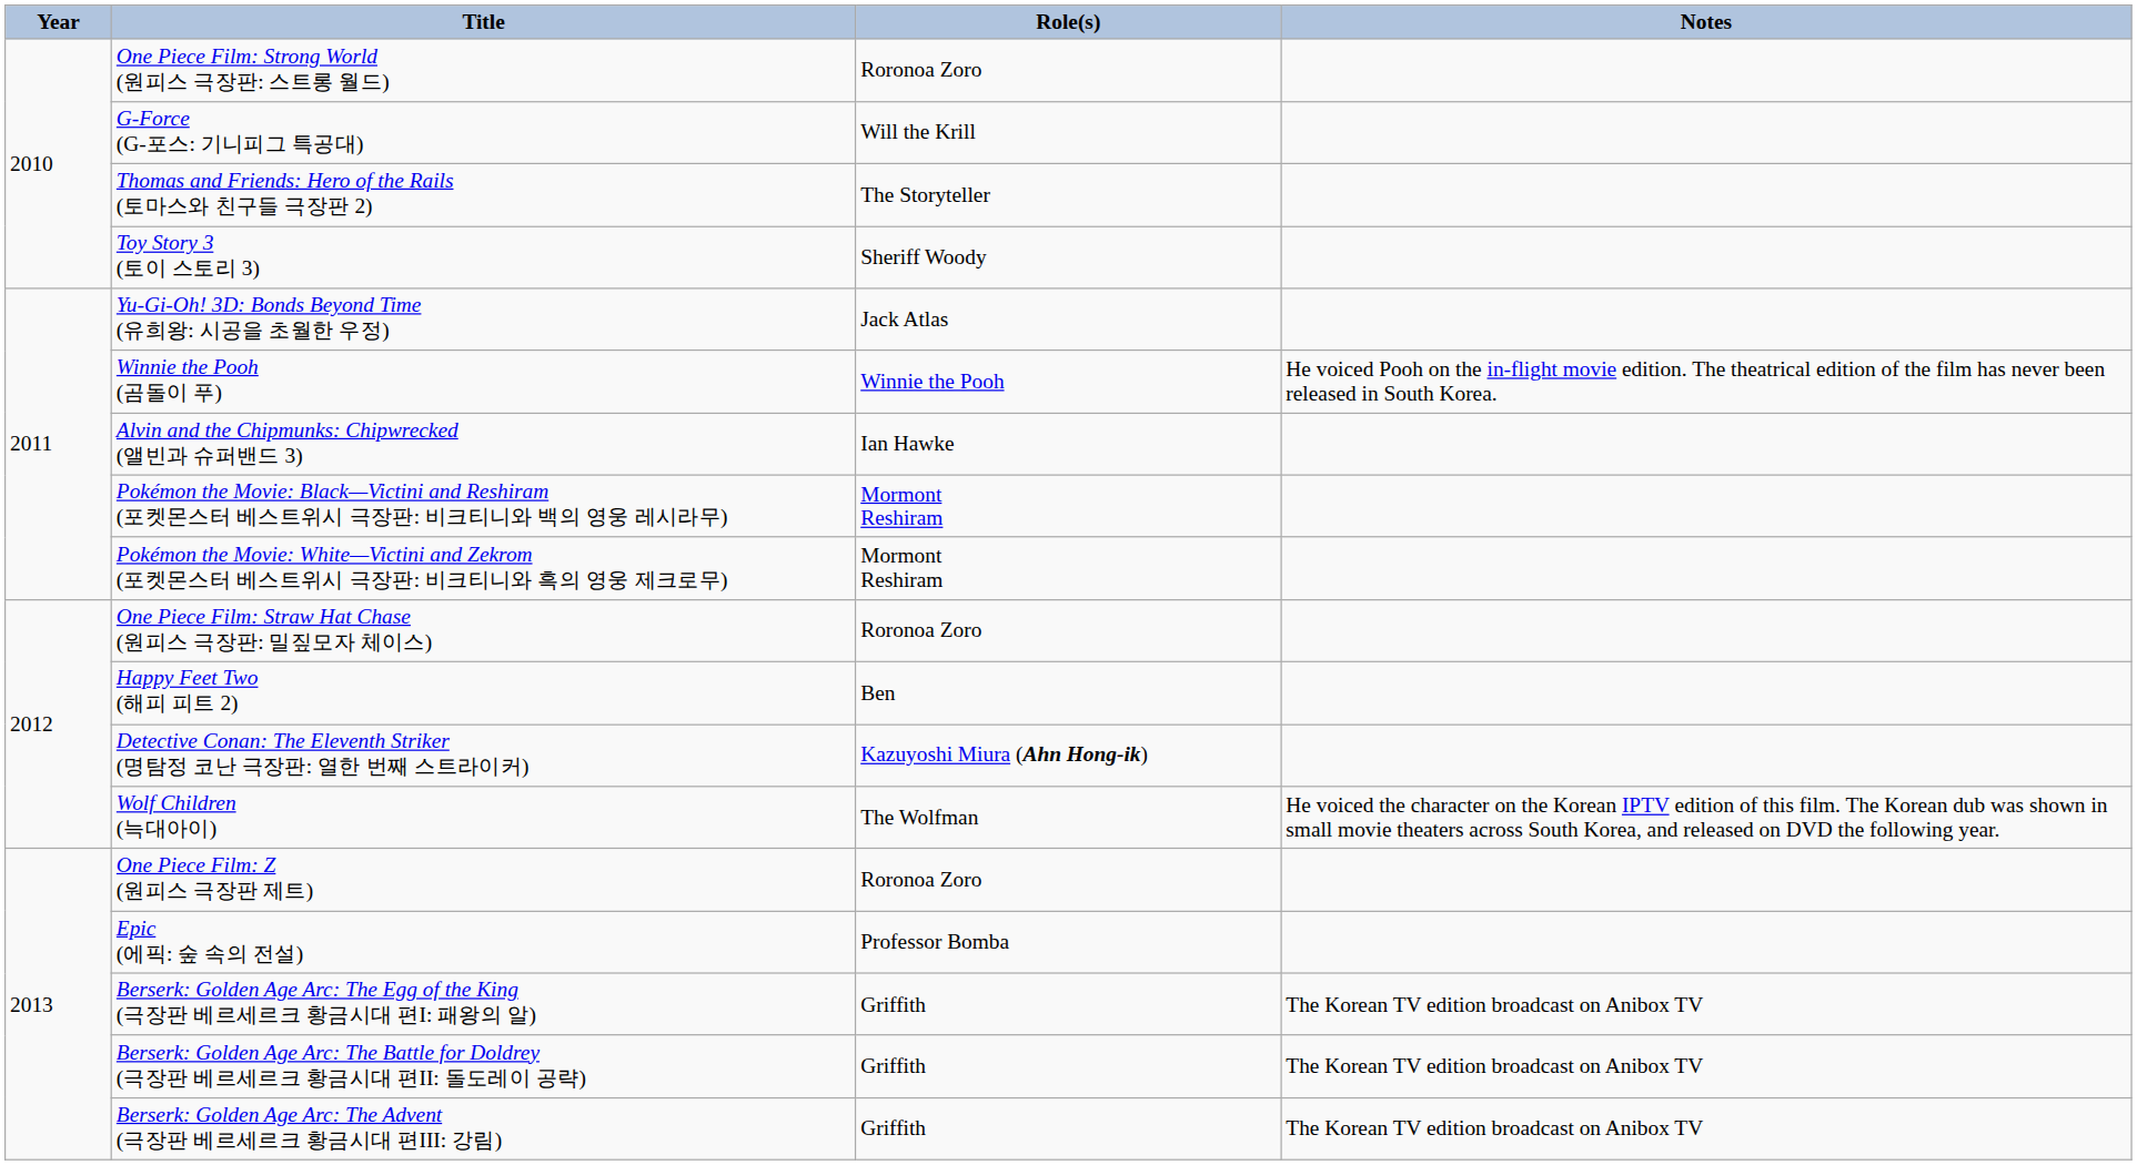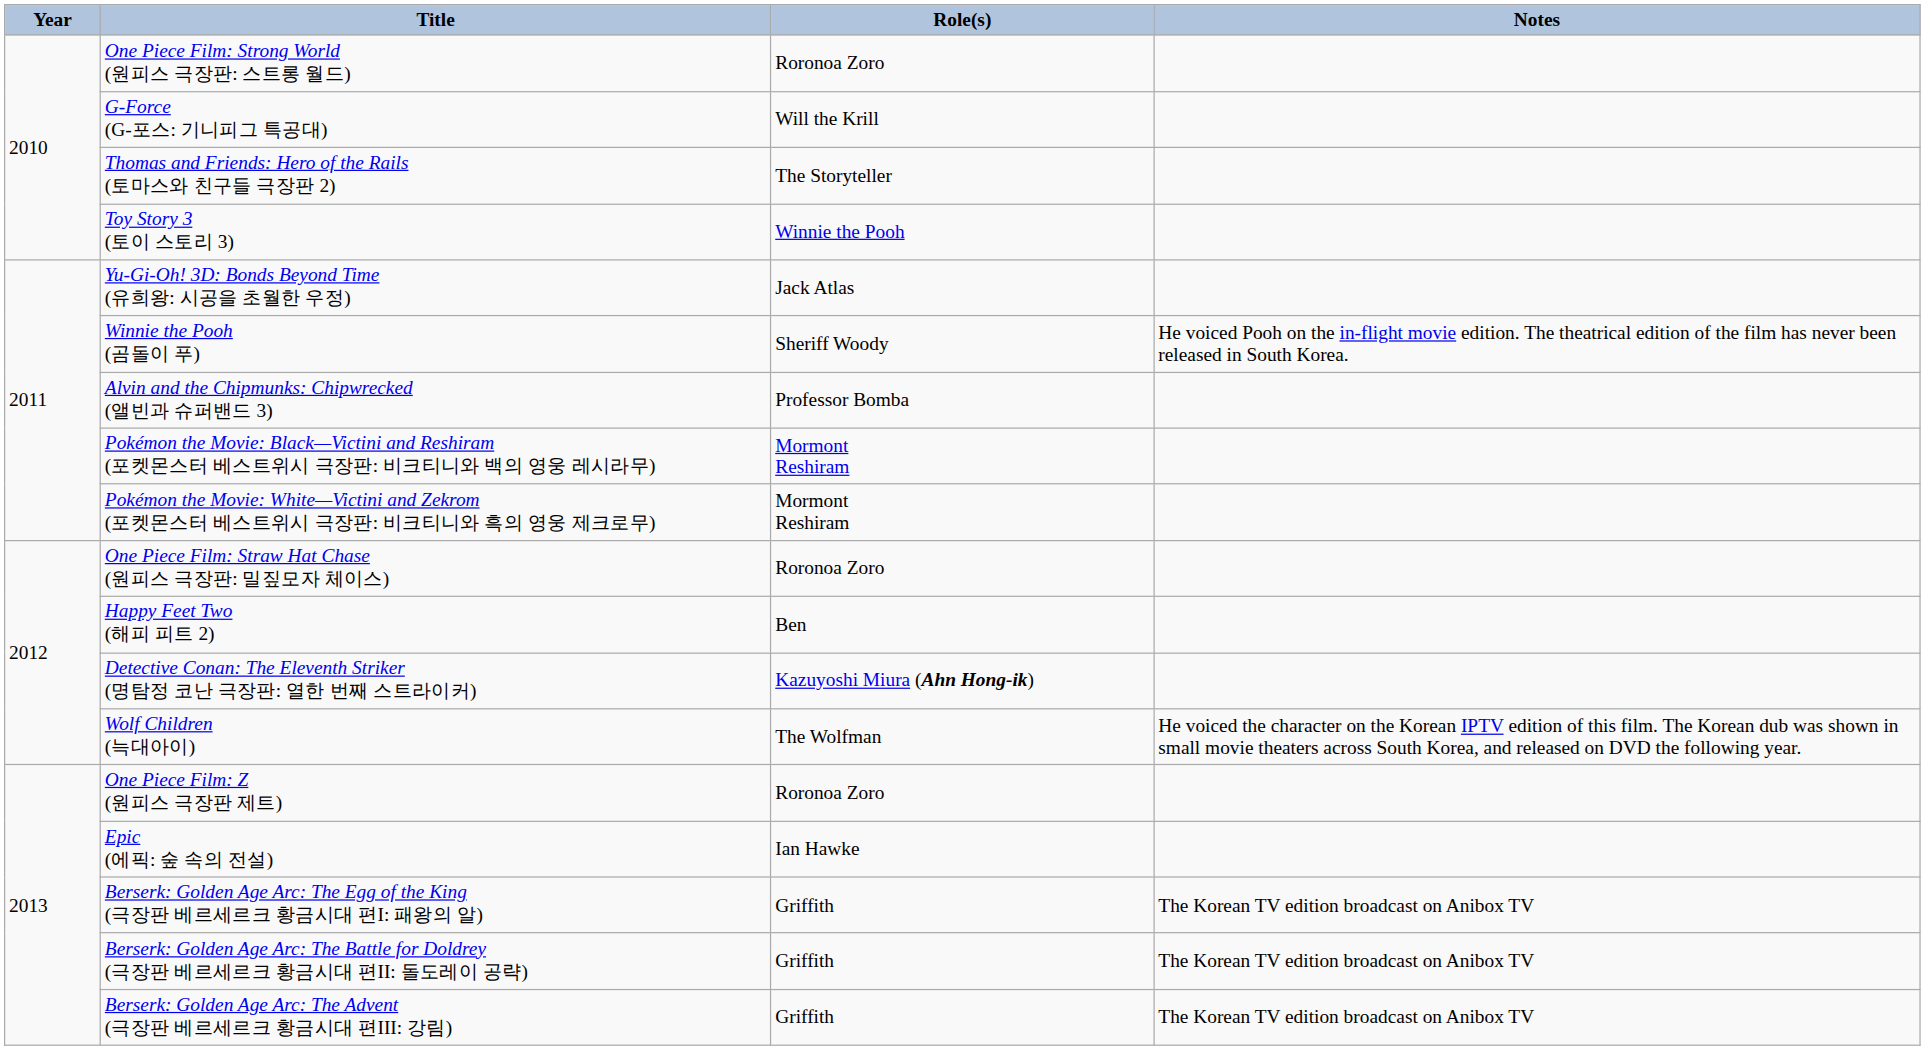 <table class="wikitable"  style="width:100%">
 <tr>
 <th style="background:#b0c4de; width:5%">Year</th>
 <th style="background:#b0c4de; width:35%;">Title</th>
 <th style="background:#b0c4de; width:20%;">Role(s)</th>
 <th style="background:#b0c4de; width:40%;">Notes</th>
 </tr>
 <tr>
 <td rowspan="4">2010</td>
 <td><em><a href='#'>One Piece Film: Strong World</a></em><br>(원피스 극장판: 스트롱 월드)</td>
 <td>Roronoa Zoro</td>
 <td></td>
 </tr>
 <tr>
 <td><em><a href='#'>G-Force</a></em><br>(G-포스: 기니피그 특공대)</td>
 <td>Will the Krill</td>
 <td></td>
 </tr>
 <tr>
 <td><em><a href='#'>Thomas and Friends: Hero of the Rails</a></em><br>(토마스와 친구들 극장판 2)</td>
 <td>The Storyteller</td>
 <td></td>
 </tr>
 <tr>
 <td><em><a href='#'>Toy Story 3</a></em><br>(토이 스토리 3)</td>
-<td>Sheriff Woody</td>
+<td><a href='#'>Winnie the Pooh</a></td>
 <td></td>
 </tr>
 <tr>
 <td rowspan="5">2011</td>
 <td><em><a href='#'>Yu-Gi-Oh! 3D: Bonds Beyond Time</a></em><br>(유희왕: 시공을 초월한 우정)</td>
 <td>Jack Atlas</td>
 <td></td>
 </tr>
 <tr>
 <td><em><a href='#'>Winnie the Pooh</a></em><br>(곰돌이 푸)</td>
-<td><a href='#'>Winnie the Pooh</a></td>
+<td>Sheriff Woody</td>
 <td>He voiced Pooh on the <a href='#'>in-flight movie</a> edition. The theatrical edition of the film has never been released in South Korea.</td>
 </tr>
 <tr>
 <td><em><a href='#'>Alvin and the Chipmunks: Chipwrecked</a></em><br>(앨빈과 슈퍼밴드 3)</td>
-<td>Ian Hawke</td>
+<td>Professor Bomba</td>
 <td></td>
 </tr>
 <tr>
 <td><em><a href='#'>Pokémon the Movie: Black—Victini and Reshiram</a></em><br>(포켓몬스터 베스트위시 극장판: 비크티니와 백의 영웅 레시라무)</td>
 <td><a href='#'>Mormont</a><br><a href='#'>Reshiram</a></td>
 <td></td>
 </tr>
 <tr>
 <td><em><a href='#'>Pokémon the Movie: White—Victini and Zekrom</a></em><br>(포켓몬스터 베스트위시 극장판: 비크티니와 흑의 영웅 제크로무)</td>
 <td>Mormont<br>Reshiram</td>
 <td></td>
 </tr>
 <tr>
 <td rowspan="4">2012</td>
 <td><em><a href='#'>One Piece Film: Straw Hat Chase</a></em><br>(원피스 극장판: 밀짚모자 체이스)</td>
 <td>Roronoa Zoro</td>
 <td></td>
 </tr>
 <tr>
 <td><em><a href='#'>Happy Feet Two</a></em><br>(해피 피트 2)</td>
 <td>Ben</td>
 <td></td>
 </tr>
 <tr>
 <td><em><a href='#'>Detective Conan: The Eleventh Striker</a></em><br>(명탐정 코난 극장판: 열한 번째 스트라이커)</td>
 <td><a href='#'>Kazuyoshi Miura</a> (<strong><em>Ahn Hong-ik</em></strong>)</td>
 <td></td>
 </tr>
 <tr>
 <td><em><a href='#'>Wolf Children</a></em><br>(늑대아이)</td>
 <td>The Wolfman</td>
 <td>He voiced the character on the Korean <a href='#'>IPTV</a> edition of this film. The Korean dub was shown in small movie theaters across South Korea, and released on DVD the following year.</td>
 </tr>
 <tr>
 <td rowspan="5">2013</td>
 <td><em><a href='#'>One Piece Film: Z</a></em><br>(원피스 극장판 제트)</td>
 <td>Roronoa Zoro</td>
 <td></td>
 </tr>
 <tr>
 <td><em><a href='#'>Epic</a></em><br>(에픽: 숲 속의 전설)</td>
-<td>Professor Bomba</td>
+<td>Ian Hawke</td>
 <td></td>
 </tr>
 <tr>
 <td><em><a href='#'>Berserk: Golden Age Arc: The Egg of the King</a></em><br>(극장판 베르세르크 황금시대 편I: 패왕의 알)</td>
 <td>Griffith</td>
 <td>The Korean TV edition broadcast on Anibox TV</td>
 </tr>
 <tr>
 <td><em><a href='#'>Berserk: Golden Age Arc: The Battle for Doldrey</a></em><br>(극장판 베르세르크 황금시대 편II: 돌도레이 공략)</td>
 <td>Griffith</td>
 <td>The Korean TV edition broadcast on Anibox TV</td>
 </tr>
 <tr>
 <td><em><a href='#'>Berserk: Golden Age Arc: The Advent</a></em><br>(극장판 베르세르크 황금시대 편III: 강림)</td>
 <td>Griffith</td>
 <td>The Korean TV edition broadcast on Anibox TV</td>
 </tr>
 </table>
